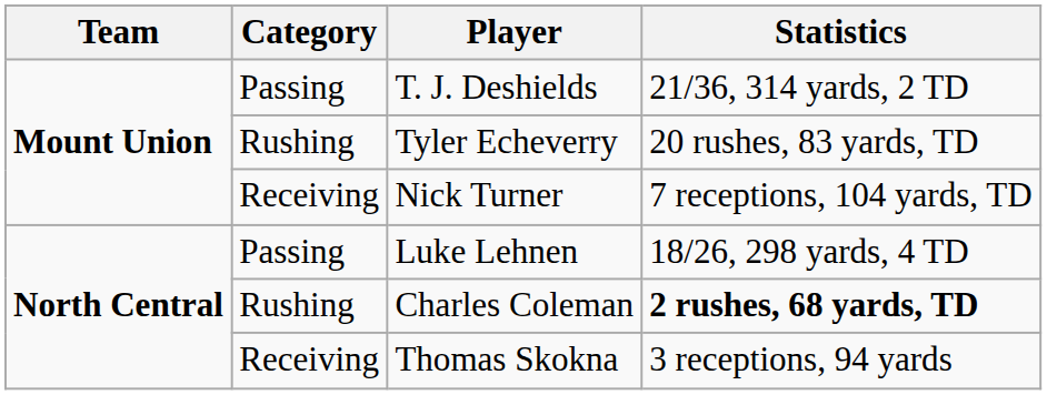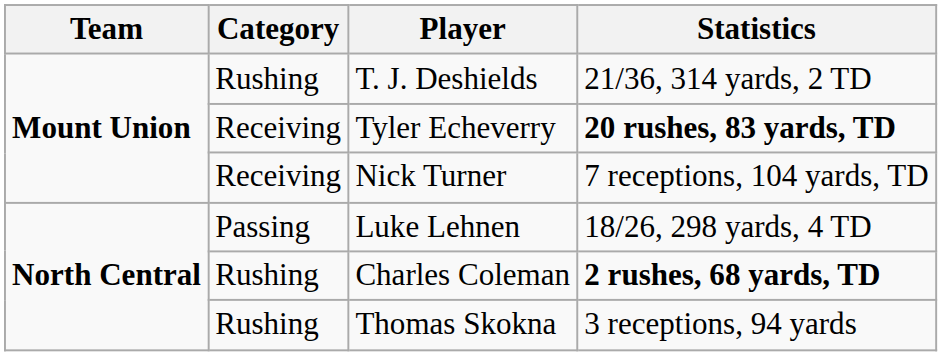 <table class="wikitable" style="float: left;">
 <tr>
 <th>Team</th>
 <th>Category</th>
 <th>Player</th>
 <th>Statistics</th>
 </tr>
 <tr>
 <td rowspan=3><strong>Mount Union</strong></td>
-<td>Passing</td>
+<td>Rushing</td>
 <td>T. J. Deshields</td>
 <td>21/36, 314 yards, 2 TD</td>
 </tr>
 <tr>
-<td>Rushing</td>
+<td>Receiving</td>
 <td>Tyler Echeverry</td>
-<td>20 rushes, 83 yards, TD</td>
+<td><strong>20 rushes, 83 yards, TD</strong></td>
 </tr>
 <tr>
 <td>Receiving</td>
 <td>Nick Turner</td>
 <td>7 receptions, 104 yards, TD</td>
 </tr>
 <tr>
 <td rowspan=3><strong>North Central</strong></td>
 <td>Passing</td>
 <td>Luke Lehnen</td>
 <td>18/26, 298 yards, 4 TD</td>
 </tr>
 <tr>
 <td>Rushing</td>
 <td>Charles Coleman</td>
 <td><strong>2 rushes, 68 yards, TD</strong></td>
 </tr>
 <tr>
-<td>Receiving</td>
+<td>Rushing</td>
 <td>Thomas Skokna</td>
 <td>3 receptions, 94 yards</td>
 </tr>
 </table>
